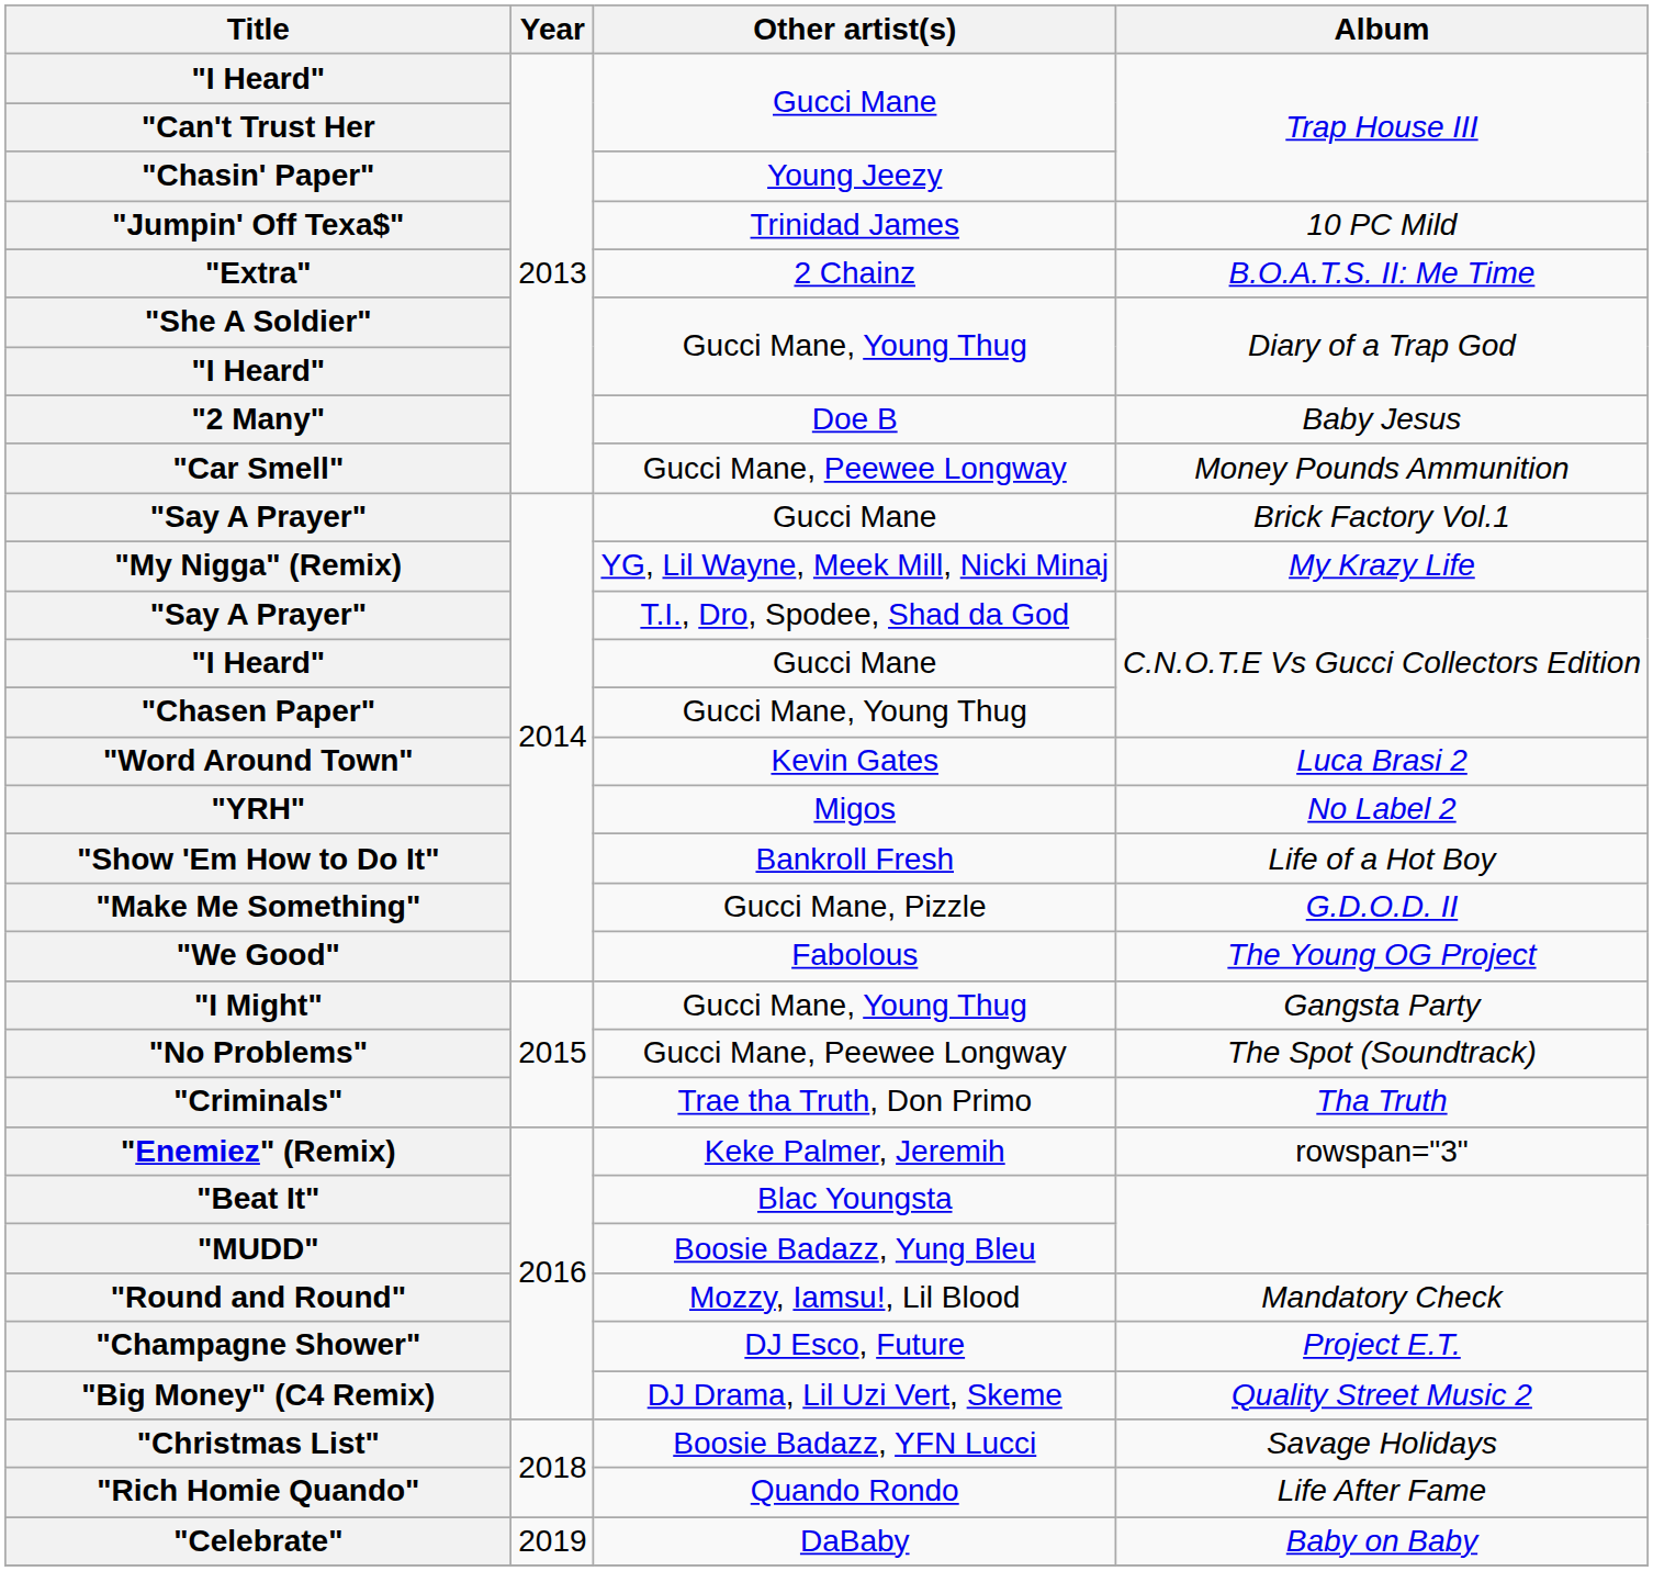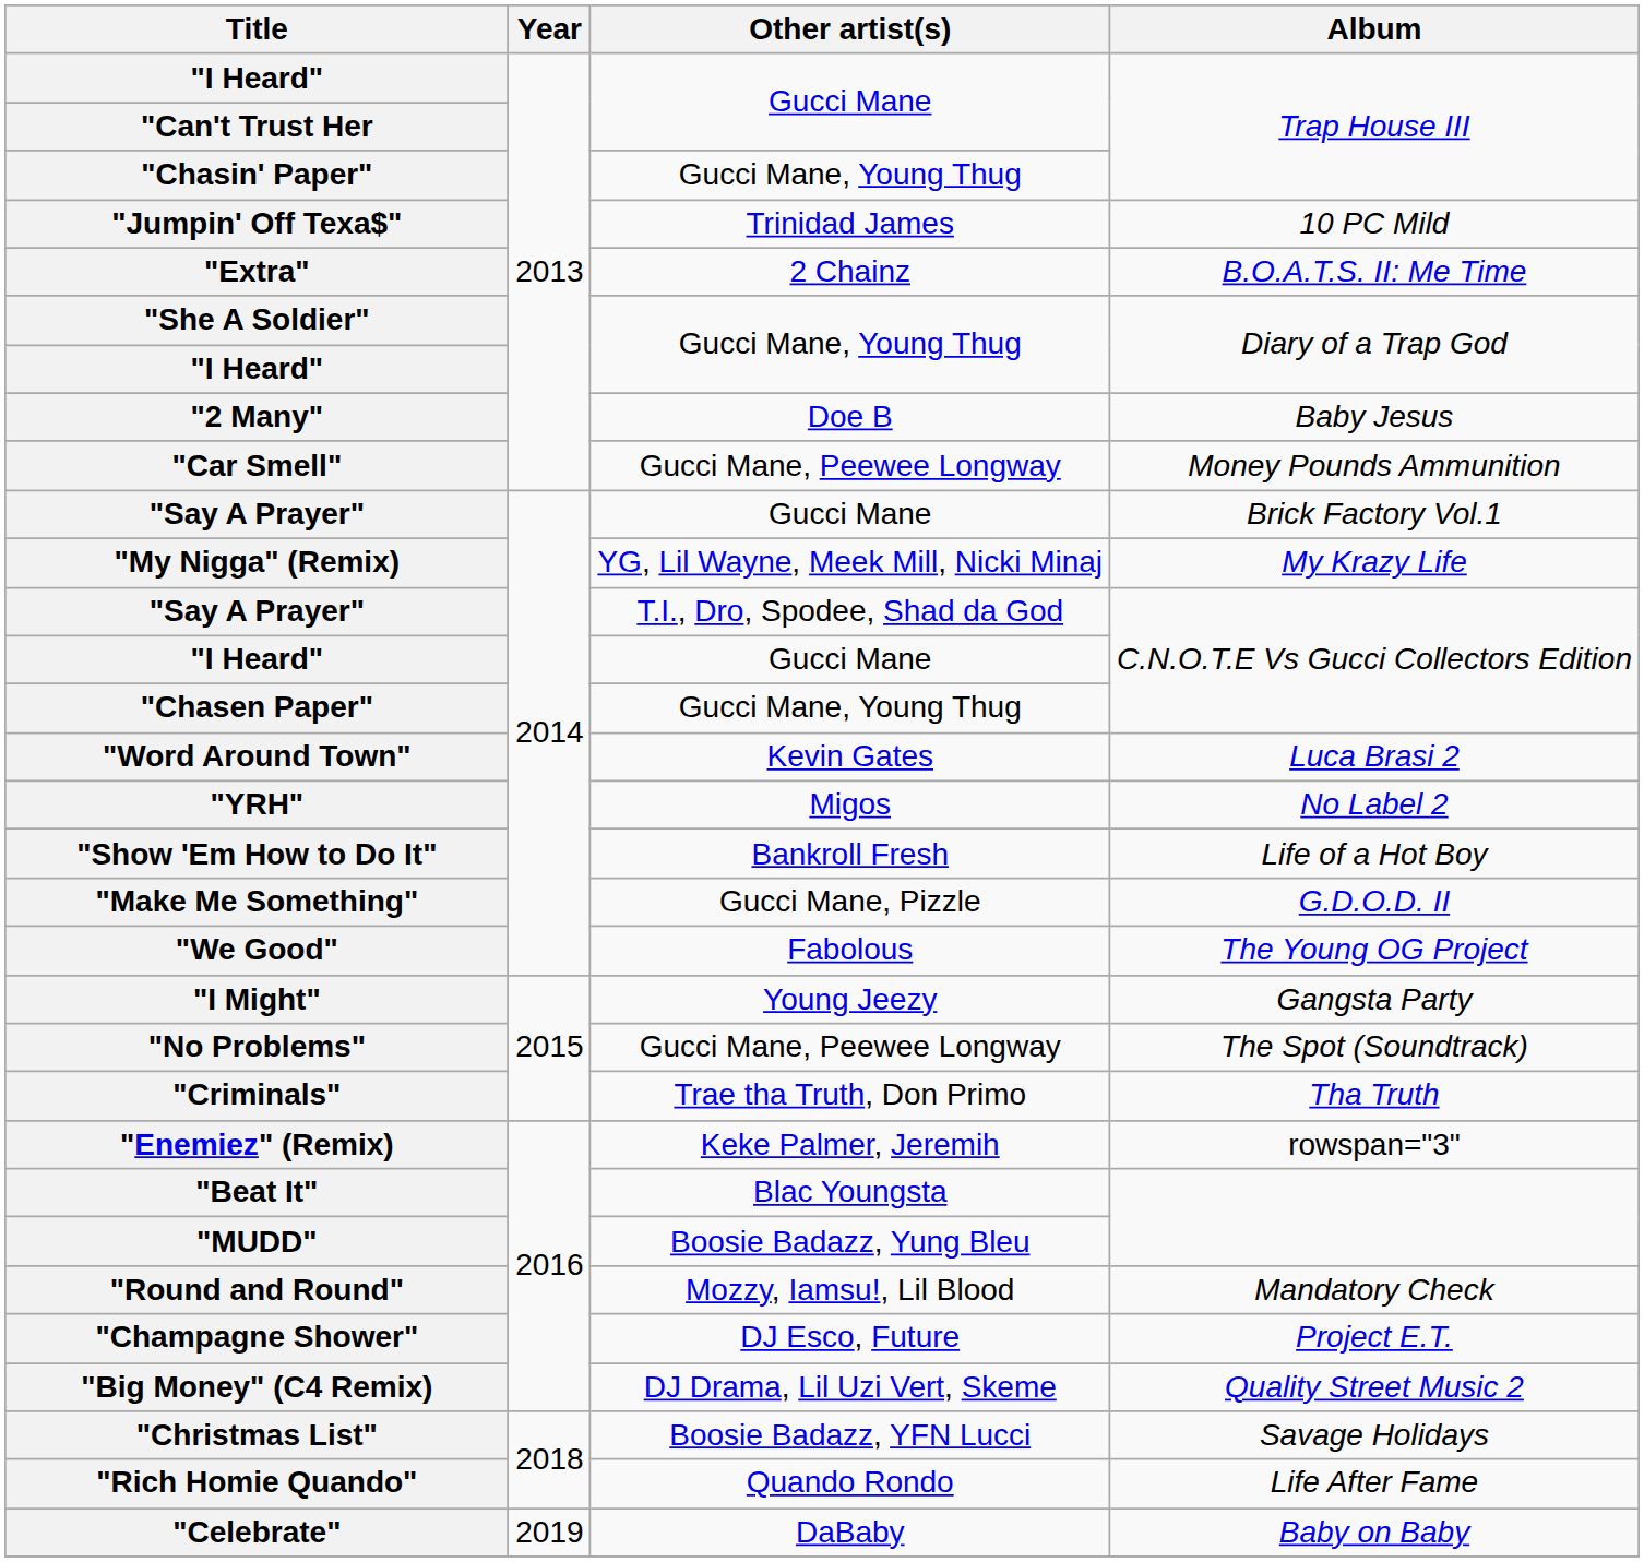 <table class="wikitable plainrowheaders" style="text-align:center;">
 <tr>
 <th scope="col" style="width:16em;">Title</th>
 <th scope="col">Year</th>
 <th scope="col">Other artist(s)</th>
 <th scope="col">Album</th>
 </tr>
 <tr>
 <th scope="row">"I Heard"</th>
 <td rowspan="9">2013</td>
 <td rowspan="2"><a href='#'>Gucci Mane</a></td>
 <td rowspan="3"><em><a href='#'>Trap House III</a></em></td>
 </tr>
 <tr>
 <th scope="row">"Can't Trust Her</th>
 </tr>
 <tr>
 <th scope="row">"Chasin' Paper"</th>
-<td><a href='#'>Young Jeezy</a></td>
+<td>Gucci Mane, <a href='#'>Young Thug</a></td>
 </tr>
 <tr>
 <th scope="row">"Jumpin' Off Texa$"</th>
 <td><a href='#'>Trinidad James</a></td>
 <td><em>10 PC Mild</em></td>
 </tr>
 <tr>
 <th scope="row">"Extra"</th>
 <td><a href='#'>2 Chainz</a></td>
 <td><em><a href='#'>B.O.A.T.S. II: Me Time</a></em></td>
 </tr>
 <tr>
 <th scope="Row">"She A Soldier"</th>
 <td rowspan="2">Gucci Mane, <a href='#'>Young Thug</a></td>
 <td rowspan="2"><em>Diary of a Trap God</em></td>
 </tr>
 <tr>
 <th scope="row">"I Heard"</th>
 </tr>
 <tr>
 <th scope="row">"2 Many"</th>
 <td><a href='#'>Doe B</a></td>
 <td><em>Baby Jesus</em></td>
 </tr>
 <tr>
 <th scope="row">"Car Smell"</th>
 <td>Gucci Mane, <a href='#'>Peewee Longway</a></td>
 <td><em>Money Pounds Ammunition</em></td>
 </tr>
 <tr>
 <th scope="row">"Say A Prayer"</th>
 <td rowspan="10">2014</td>
 <td>Gucci Mane</td>
 <td><em>Brick Factory Vol.1</em></td>
 </tr>
 <tr>
 <th scope="row">"My Nigga" (Remix)</th>
 <td><a href='#'>YG</a>, <a href='#'>Lil Wayne</a>, <a href='#'>Meek Mill</a>, <a href='#'>Nicki Minaj</a></td>
 <td><em><a href='#'>My Krazy Life</a></em></td>
 </tr>
 <tr>
 <th scope="row">"Say A Prayer"</th>
 <td><a href='#'>T.I.</a>, <a href='#'>Dro</a>, Spodee, <a href='#'>Shad da God</a></td>
 <td rowspan="3"><em>C.N.O.T.E Vs Gucci Collectors Edition</em></td>
 </tr>
 <tr>
 <th scope="row">"I Heard"</th>
 <td>Gucci Mane</td>
 </tr>
 <tr>
 <th scope="row">"Chasen Paper"</th>
 <td>Gucci Mane, Young Thug</td>
 </tr>
 <tr>
 <th scope="row">"Word Around Town"</th>
 <td><a href='#'>Kevin Gates</a></td>
 <td><em><a href='#'>Luca Brasi 2</a></em></td>
 </tr>
 <tr>
 <th scope="row">"YRH"</th>
 <td><a href='#'>Migos</a></td>
 <td><em><a href='#'>No Label 2</a></em></td>
 </tr>
 <tr>
 <th scope="row">"Show 'Em How to Do It"</th>
 <td><a href='#'>Bankroll Fresh</a></td>
 <td><em>Life of a Hot Boy</em></td>
 </tr>
 <tr>
 <th scope="row">"Make Me Something"</th>
 <td>Gucci Mane, Pizzle</td>
 <td><em><a href='#'>G.D.O.D. II</a></em></td>
 </tr>
 <tr>
 <th scope="row">"We Good"</th>
 <td><a href='#'>Fabolous</a></td>
 <td><em><a href='#'>The Young OG Project</a></em></td>
 </tr>
 <tr>
 <th scope="row">"I Might"</th>
 <td rowspan="3">2015</td>
-<td>Gucci Mane, <a href='#'>Young Thug</a></td>
+<td><a href='#'>Young Jeezy</a></td>
 <td><em>Gangsta Party</em></td>
 </tr>
 <tr>
 <th scope="row">"No Problems"</th>
 <td>Gucci Mane, Peewee Longway</td>
 <td><em>The Spot (Soundtrack)</em></td>
 </tr>
 <tr>
 <th scope="row">"Criminals"</th>
 <td><a href='#'>Trae tha Truth</a>, Don Primo</td>
 <td><em><a href='#'>Tha Truth</a></em></td>
 </tr>
 <tr>
 <th scope="row">"<a href='#'>Enemiez</a>" (Remix)</th>
 <td rowspan="6">2016</td>
 <td><a href='#'>Keke Palmer</a>, <a href='#'>Jeremih</a></td>
 <td>rowspan="3" </td>
 </tr>
 <tr>
 <th scope="row">"Beat It"</th>
 <td><a href='#'>Blac Youngsta</a></td>
 </tr>
 <tr>
 <th scope="row">"MUDD"</th>
 <td><a href='#'>Boosie Badazz</a>, <a href='#'>Yung Bleu</a></td>
 </tr>
 <tr>
 <th scope="row">"Round and Round"</th>
 <td><a href='#'>Mozzy</a>, <a href='#'>Iamsu!</a>, Lil Blood</td>
 <td><em>Mandatory Check</em></td>
 </tr>
 <tr>
 <th scope="row">"Champagne Shower"</th>
 <td><a href='#'>DJ Esco</a>, <a href='#'>Future</a></td>
 <td><em><a href='#'>Project E.T.</a></em></td>
 </tr>
 <tr>
 <th scope="row">"Big Money" (C4 Remix)</th>
 <td><a href='#'>DJ Drama</a>, <a href='#'>Lil Uzi Vert</a>, <a href='#'>Skeme</a></td>
 <td><em><a href='#'>Quality Street Music 2</a></em></td>
 </tr>
 <tr>
 <th scope="row">"Christmas List"</th>
 <td rowspan="2">2018</td>
 <td><a href='#'>Boosie Badazz</a>, <a href='#'>YFN Lucci</a></td>
 <td><em>Savage Holidays</em></td>
 </tr>
 <tr>
 <th scope="row">"Rich Homie Quando"</th>
 <td><a href='#'>Quando Rondo</a></td>
 <td><em>Life After Fame</em></td>
 </tr>
 <tr>
 <th scope="row">"Celebrate"</th>
 <td rowspan="1">2019</td>
 <td><a href='#'>DaBaby</a></td>
 <td><em><a href='#'>Baby on Baby</a></em></td>
 </tr>
 <tr>
 </tr>
 </table>
